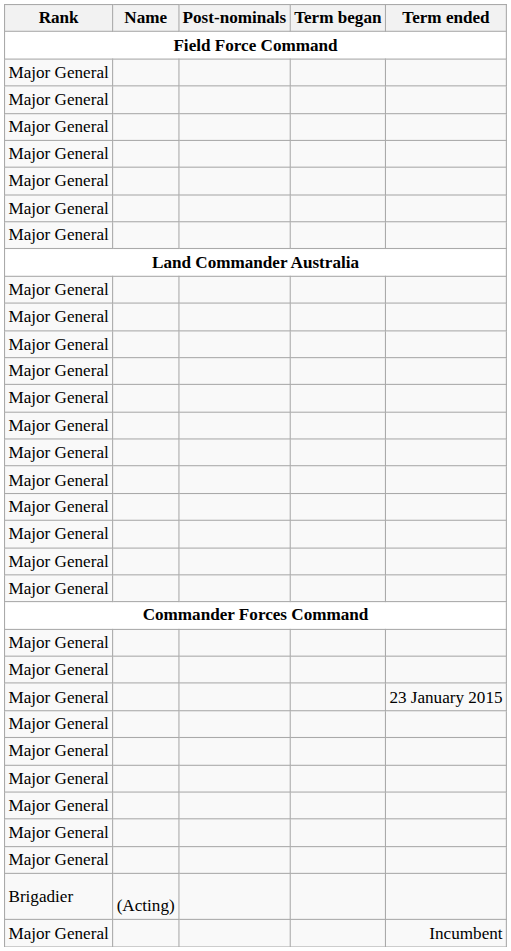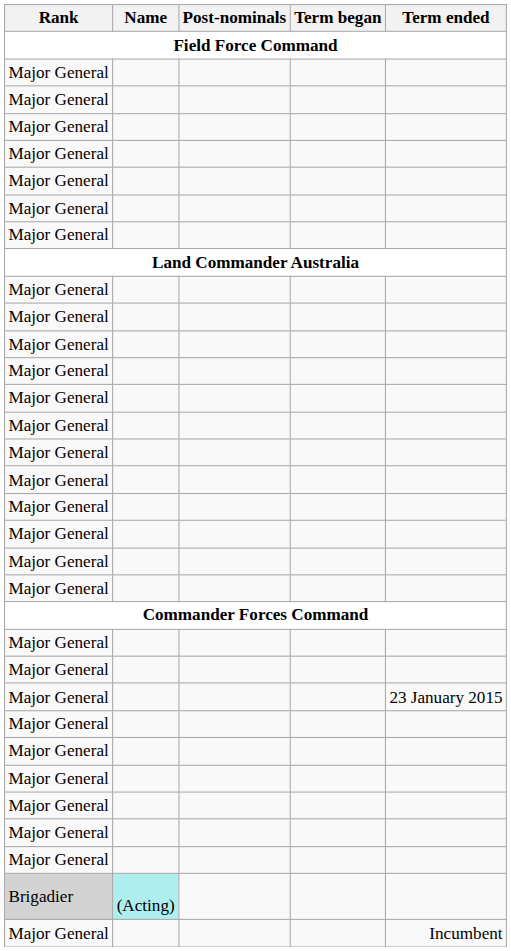 <table class="wikitable sortable">
 <tr>
 <th>Rank</th>
 <th>Name</th>
 <th>Post-nominals</th>
 <th>Term began</th>
 <th>Term ended</th>
 </tr>
 <tr>
 <th colspan=5 style="background: white">Field Force Command</th>
 </tr>
 <tr>
 <td>Major General</td>
 <td></td>
 <td></td>
 <td align=right></td>
 <td align=right></td>
 </tr>
 <tr>
 <td>Major General</td>
 <td></td>
 <td></td>
 <td align=right></td>
 <td align=right></td>
 </tr>
 <tr>
 <td>Major General</td>
 <td></td>
 <td></td>
 <td align=right></td>
 <td align=right></td>
 </tr>
 <tr>
 <td>Major General</td>
 <td></td>
 <td></td>
 <td align=right></td>
 <td align=right></td>
 </tr>
 <tr>
 <td>Major General</td>
 <td></td>
 <td></td>
 <td align=right></td>
 <td align=right></td>
 </tr>
 <tr>
 <td>Major General</td>
 <td></td>
 <td></td>
 <td align=right></td>
 <td align=right></td>
 </tr>
 <tr>
 <td>Major General</td>
 <td></td>
 <td></td>
 <td align=right></td>
 <td align=right></td>
 </tr>
 <tr>
 <th colspan=5 style="background: white">Land Commander Australia</th>
 </tr>
 <tr>
 <td>Major General</td>
 <td></td>
 <td></td>
 <td align=right></td>
 <td align=right></td>
 </tr>
 <tr>
 <td>Major General</td>
 <td></td>
 <td></td>
 <td align=right></td>
 <td align=right></td>
 </tr>
 <tr>
 <td>Major General</td>
 <td></td>
 <td></td>
 <td align=right></td>
 <td align=right></td>
 </tr>
 <tr>
 <td>Major General</td>
 <td></td>
 <td></td>
 <td align=right></td>
 <td align=right></td>
 </tr>
 <tr>
 <td>Major General</td>
 <td></td>
 <td></td>
 <td align=right></td>
 <td align=right></td>
 </tr>
 <tr>
 <td>Major General</td>
 <td></td>
 <td></td>
 <td align=right></td>
 <td align=right></td>
 </tr>
 <tr>
 <td>Major General</td>
 <td></td>
 <td></td>
 <td align=right></td>
 <td align=right></td>
 </tr>
 <tr>
 <td>Major General</td>
 <td></td>
 <td></td>
 <td align=right></td>
 <td align=right></td>
 </tr>
 <tr>
 <td>Major General</td>
 <td></td>
 <td></td>
 <td align=right></td>
 <td align=right></td>
 </tr>
 <tr>
 <td>Major General</td>
 <td></td>
 <td></td>
 <td align=right></td>
 <td align=right></td>
 </tr>
 <tr>
 <td>Major General</td>
 <td></td>
 <td></td>
 <td align=right></td>
 <td align=right></td>
 </tr>
 <tr>
 <td>Major General</td>
 <td></td>
 <td></td>
 <td align=right></td>
 <td align=right></td>
 </tr>
 <tr>
 <th colspan=6 style="background: white">Commander Forces Command</th>
 </tr>
 <tr>
 <td>Major General</td>
 <td></td>
 <td></td>
 <td align=right></td>
 <td align=right></td>
 </tr>
 <tr>
 <td>Major General</td>
 <td></td>
 <td></td>
 <td align=right></td>
 <td align=right></td>
 </tr>
 <tr>
 <td>Major General</td>
 <td></td>
 <td></td>
 <td align=right></td>
 <td align=center>23 January 2015</td>
 </tr>
 <tr>
 <td>Major General</td>
 <td></td>
 <td></td>
 <td align=right></td>
 <td align=right></td>
 </tr>
 <tr>
 <td>Major General</td>
 <td></td>
 <td></td>
 <td align=right></td>
 <td align=right></td>
 </tr>
 <tr>
 <td>Major General</td>
 <td></td>
 <td></td>
 <td align=right></td>
 <td align=right></td>
 </tr>
 <tr>
 <td>Major General</td>
 <td></td>
 <td></td>
 <td align=right></td>
 <td align=right></td>
 </tr>
 <tr>
 <td>Major General</td>
 <td></td>
 <td></td>
 <td align=right></td>
 <td align=right></td>
 </tr>
 <tr>
 <td>Major General</td>
 <td></td>
 <td></td>
 <td align=right></td>
 <td align=right></td>
 </tr>
 <tr>
-<td>Brigadier</td>
-<td><br>(Acting)</td>
+<td style="background: lightgrey;">Brigadier</td>
+<td style="background: paleturquoise;"><br>(Acting)</td>
 <td></td>
 <td align=right></td>
 <td align=right></td>
 </tr>
 <tr>
 <td>Major General</td>
 <td></td>
 <td></td>
 <td align=right></td>
 <td align=right>Incumbent</td>
 </tr>
 <tr>
 </tr>
 </table>
